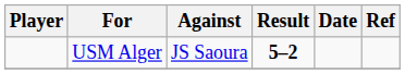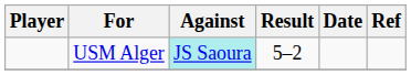 <table class="wikitable" style="font-size: 95%;">
 <tr>
 <th>Player</th>
 <th>For</th>
 <th>Against</th>
 <th style="text-align:center">Result</th>
 <th>Date</th>
 <th>Ref</th>
 </tr>
 <tr>
 <td> </td>
 <td><a href='#'>USM Alger</a></td>
-<td><a href='#'>JS Saoura</a></td>
-<td style="text-align:center;"><strong>5–2</strong></td>
+<td style="background: paleturquoise;"><a href='#'>JS Saoura</a></td>
+<td style="text-align:center;">5–2</td>
 <td></td>
 <td></td>
 </tr>
 <tr>
 </tr>
 </table>
